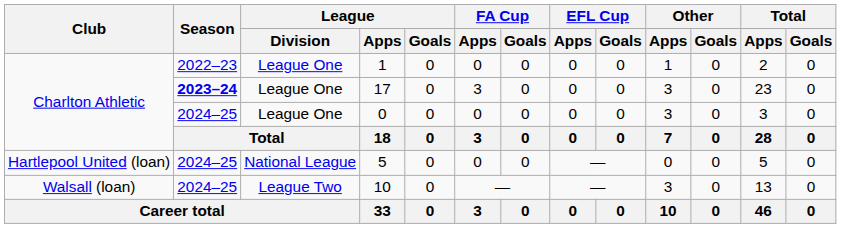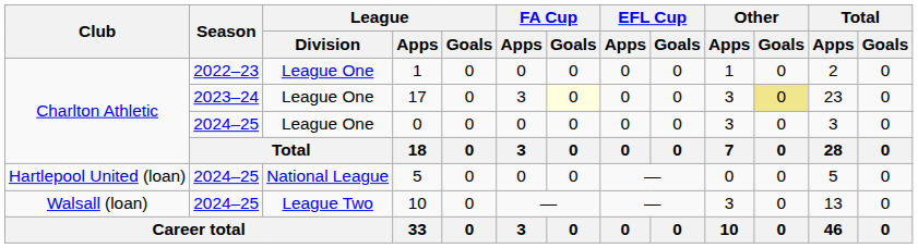 <table class="wikitable" style="text-align: center">
 <tr>
 <th rowspan="2">Club</th>
 <th rowspan="2">Season</th>
 <th colspan="3">League</th>
 <th colspan="2"><a href='#'>FA Cup</a></th>
 <th colspan="2"><a href='#'>EFL Cup</a></th>
 <th colspan="2">Other</th>
 <th colspan="2">Total</th>
 </tr>
 <tr>
 <th>Division</th>
 <th>Apps</th>
 <th>Goals</th>
 <th>Apps</th>
 <th>Goals</th>
 <th>Apps</th>
 <th>Goals</th>
 <th>Apps</th>
 <th>Goals</th>
 <th>Apps</th>
 <th>Goals</th>
 </tr>
 <tr>
 <td rowspan="4"><a href='#'>Charlton Athletic</a></td>
 <td><a href='#'>2022–23</a></td>
 <td><a href='#'>League One</a></td>
 <td>1</td>
 <td>0</td>
 <td>0</td>
 <td>0</td>
 <td>0</td>
 <td>0</td>
 <td>1</td>
 <td>0</td>
 <td>2</td>
 <td>0</td>
 </tr>
 <tr>
-<td><strong><a href='#'>2023–24</a></strong></td>
+<td><a href='#'>2023–24</a></td>
 <td>League One</td>
 <td>17</td>
 <td>0</td>
 <td>3</td>
-<td>0</td>
+<td style="background: lightyellow;">0</td>
 <td>0</td>
 <td>0</td>
 <td>3</td>
-<td>0</td>
+<td style="background: khaki;">0</td>
 <td>23</td>
 <td>0</td>
 </tr>
 <tr>
 <td><a href='#'>2024–25</a></td>
 <td>League One</td>
 <td>0</td>
 <td>0</td>
 <td>0</td>
 <td>0</td>
 <td>0</td>
 <td>0</td>
 <td>3</td>
 <td>0</td>
 <td>3</td>
 <td>0</td>
 </tr>
 <tr>
 <th colspan="2">Total</th>
 <th>18</th>
 <th>0</th>
 <th>3</th>
 <th>0</th>
 <th>0</th>
 <th>0</th>
 <th>7</th>
 <th>0</th>
 <th>28</th>
 <th>0</th>
 </tr>
 <tr>
 <td><a href='#'>Hartlepool United</a> (loan)</td>
 <td><a href='#'>2024–25</a></td>
 <td><a href='#'>National League</a></td>
 <td>5</td>
 <td>0</td>
 <td>0</td>
 <td>0</td>
 <td colspan="2">—</td>
 <td>0</td>
 <td>0</td>
 <td>5</td>
 <td>0</td>
 </tr>
 <tr>
 <td><a href='#'>Walsall</a> (loan)</td>
 <td><a href='#'>2024–25</a></td>
 <td><a href='#'>League Two</a></td>
 <td>10</td>
 <td>0</td>
 <td colspan="2">—</td>
 <td colspan="2">—</td>
 <td>3</td>
 <td>0</td>
 <td>13</td>
 <td>0</td>
 </tr>
 <tr>
 <th colspan="3">Career total</th>
 <th>33</th>
 <th>0</th>
 <th>3</th>
 <th>0</th>
 <th>0</th>
 <th>0</th>
 <th>10</th>
 <th>0</th>
 <th>46</th>
 <th>0</th>
 </tr>
 </table>
